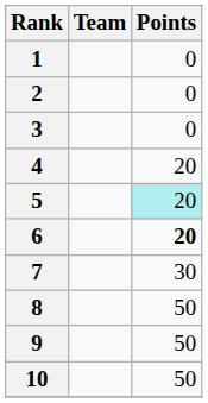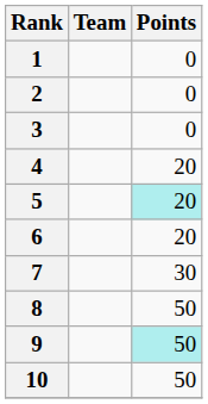 <table class="wikitable">
 <tr>
 <th scope="col">Rank</th>
 <th scope="col">Team</th>
 <th scope="col">Points</th>
 </tr>
 <tr>
 <th scope="row">1</th>
 <td> </td>
 <td align="right">0</td>
 </tr>
 <tr>
 <th scope="row">2</th>
 <td> </td>
 <td align="right">0</td>
 </tr>
 <tr>
 <th scope="row">3</th>
 <td> </td>
 <td align="right">0</td>
 </tr>
 <tr>
 <th scope="row">4</th>
 <td> </td>
 <td align="right">20</td>
 </tr>
 <tr>
 <th scope="row">5</th>
 <td> </td>
 <td align="right" style="background: paleturquoise;">20</td>
 </tr>
 <tr>
 <th scope="row">6</th>
 <td> </td>
-<td align="right"><strong>20</strong></td>
+<td align="right">20</td>
 </tr>
 <tr>
 <th scope="row">7</th>
 <td> </td>
 <td align="right">30</td>
 </tr>
 <tr>
 <th scope="row">8</th>
 <td> </td>
 <td align="right">50</td>
 </tr>
 <tr>
 <th scope="row">9</th>
 <td> </td>
-<td align="right">50</td>
+<td align="right" style="background: paleturquoise;">50</td>
 </tr>
 <tr>
 <th scope="row">10</th>
 <td> </td>
 <td align="right">50</td>
 </tr>
 <tr>
 </tr>
 </table>
